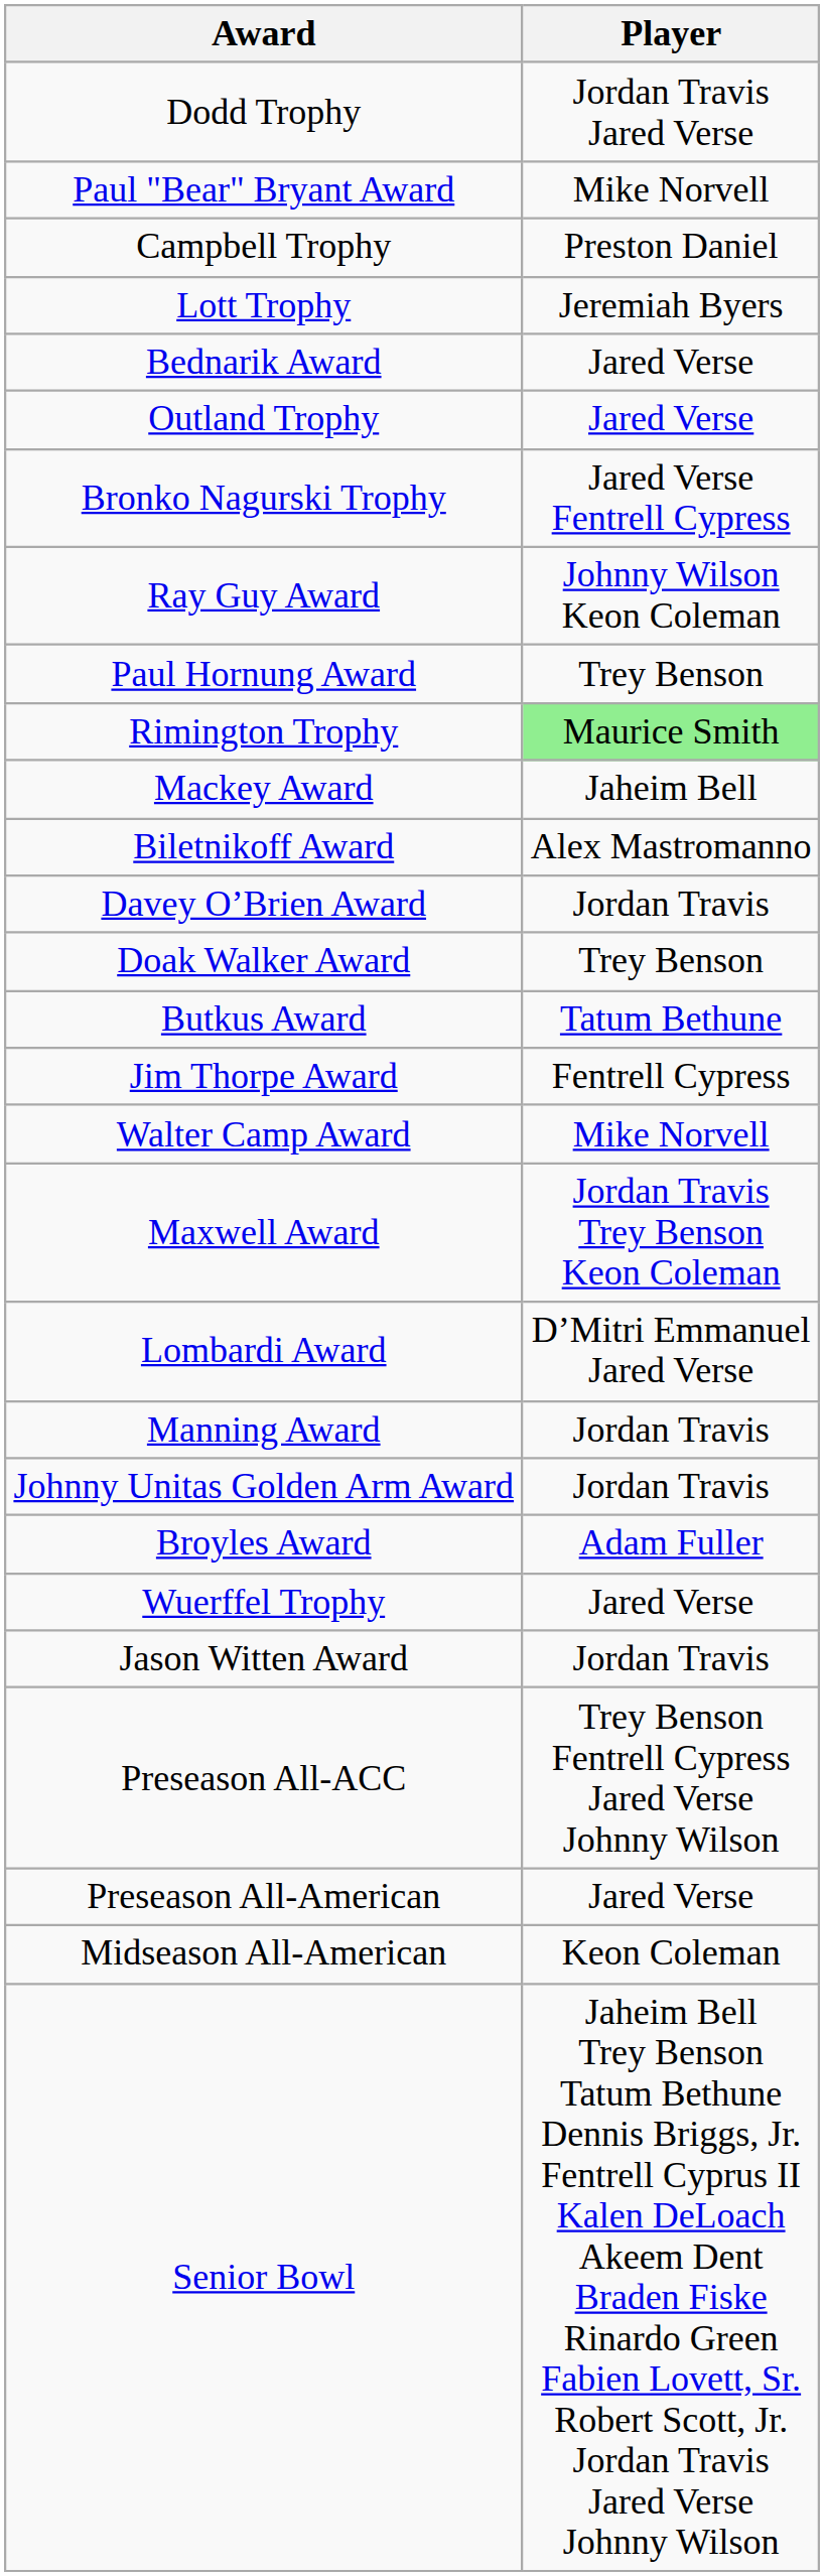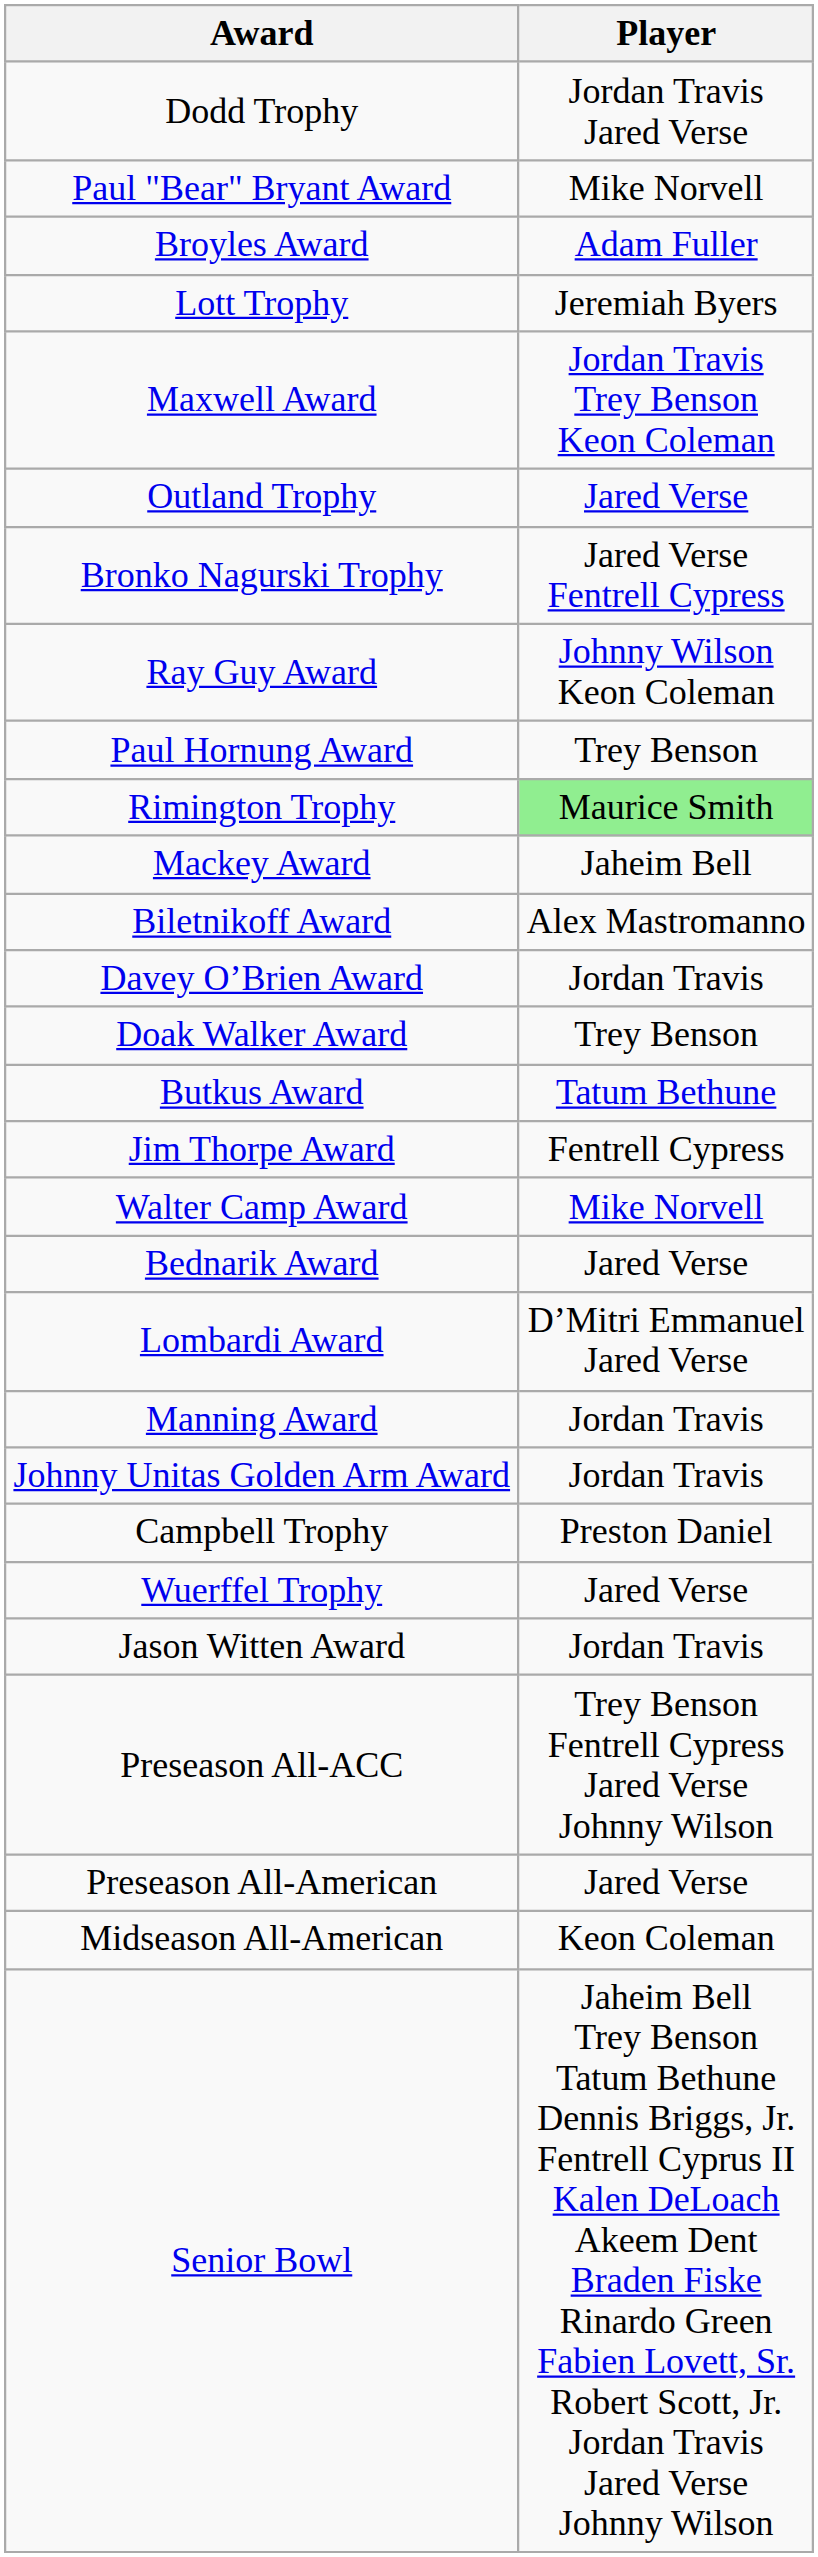 <table class="wikitable" style="text-align:center;">
 <tr>
 <th>Award</th>
 <th>Player</th>
 </tr>
 <tr>
 <td>Dodd Trophy</td>
 <td>Jordan Travis<br>Jared Verse</td>
 </tr>
 <tr>
 <td><a href='#'>Paul "Bear" Bryant Award</a></td>
 <td>Mike Norvell</td>
 </tr>
 <tr>
-<td>Campbell Trophy</td>
-<td>Preston Daniel</td>
+<td><a href='#'>Broyles Award</a></td>
+<td><a href='#'>Adam Fuller</a></td>
 </tr>
 <tr>
 <td><a href='#'>Lott Trophy</a></td>
 <td>Jeremiah Byers</td>
 </tr>
 <tr>
-<td><a href='#'>Bednarik Award</a></td>
-<td>Jared Verse</td>
+<td><a href='#'>Maxwell Award</a></td>
+<td><a href='#'>Jordan Travis</a><br><a href='#'>Trey Benson</a><br><a href='#'>Keon Coleman</a></td>
 </tr>
 <tr>
 <td><a href='#'>Outland Trophy</a></td>
 <td><a href='#'>Jared Verse</a></td>
 </tr>
 <tr>
 <td><a href='#'>Bronko Nagurski Trophy</a></td>
 <td>Jared Verse<br><a href='#'>Fentrell Cypress</a></td>
 </tr>
 <tr>
 <td><a href='#'>Ray Guy Award</a></td>
 <td><a href='#'>Johnny Wilson</a><br>Keon Coleman</td>
 </tr>
 <tr>
 <td><a href='#'>Paul Hornung Award</a></td>
 <td>Trey Benson</td>
 </tr>
 <tr>
 <td><a href='#'>Rimington Trophy</a></td>
 <td style="background: lightgreen;">Maurice Smith</td>
 </tr>
 <tr>
 <td><a href='#'>Mackey Award</a></td>
 <td>Jaheim Bell</td>
 </tr>
 <tr>
 <td><a href='#'>Biletnikoff Award</a></td>
 <td>Alex Mastromanno</td>
 </tr>
 <tr>
 <td><a href='#'>Davey O’Brien Award</a></td>
 <td>Jordan Travis</td>
 </tr>
 <tr>
 <td><a href='#'>Doak Walker Award</a></td>
 <td>Trey Benson</td>
 </tr>
 <tr>
 <td><a href='#'>Butkus Award</a></td>
 <td><a href='#'>Tatum Bethune</a></td>
 </tr>
 <tr>
 <td><a href='#'>Jim Thorpe Award</a></td>
 <td>Fentrell Cypress</td>
 </tr>
 <tr>
 <td><a href='#'>Walter Camp Award</a></td>
 <td><a href='#'>Mike Norvell</a></td>
 </tr>
 <tr>
-<td><a href='#'>Maxwell Award</a></td>
-<td><a href='#'>Jordan Travis</a><br><a href='#'>Trey Benson</a><br><a href='#'>Keon Coleman</a></td>
+<td><a href='#'>Bednarik Award</a></td>
+<td>Jared Verse</td>
 </tr>
 <tr>
 <td><a href='#'>Lombardi Award</a></td>
 <td>D’Mitri Emmanuel<br>Jared Verse</td>
 </tr>
 <tr>
 <td><a href='#'>Manning Award</a></td>
 <td>Jordan Travis</td>
 </tr>
 <tr>
 <td><a href='#'>Johnny Unitas Golden Arm Award</a></td>
 <td>Jordan Travis</td>
 </tr>
 <tr>
-<td><a href='#'>Broyles Award</a></td>
-<td><a href='#'>Adam Fuller</a></td>
+<td>Campbell Trophy</td>
+<td>Preston Daniel</td>
 </tr>
 <tr>
 <td><a href='#'>Wuerffel Trophy</a></td>
 <td>Jared Verse</td>
 </tr>
 <tr>
 <td>Jason Witten Award</td>
 <td>Jordan Travis</td>
 </tr>
 <tr>
 <td>Preseason All-ACC</td>
 <td>Trey Benson<br>Fentrell Cypress<br>Jared Verse<br>Johnny Wilson</td>
 </tr>
 <tr>
 <td>Preseason All-American</td>
 <td>Jared Verse</td>
 </tr>
 <tr>
 <td>Midseason All-American</td>
 <td>Keon Coleman</td>
 </tr>
 <tr>
 <td><a href='#'>Senior Bowl</a></td>
 <td>Jaheim Bell<br>Trey Benson<br>Tatum Bethune<br>Dennis Briggs, Jr.<br>Fentrell Cyprus II<br><a href='#'>Kalen DeLoach</a><br>Akeem Dent<br><a href='#'>Braden Fiske</a><br>Rinardo Green<br><a href='#'>Fabien Lovett, Sr.</a><br>Robert Scott, Jr.<br>Jordan Travis<br>Jared Verse<br>Johnny Wilson</td>
 </tr>
 <tr>
 </tr>
 </table>
